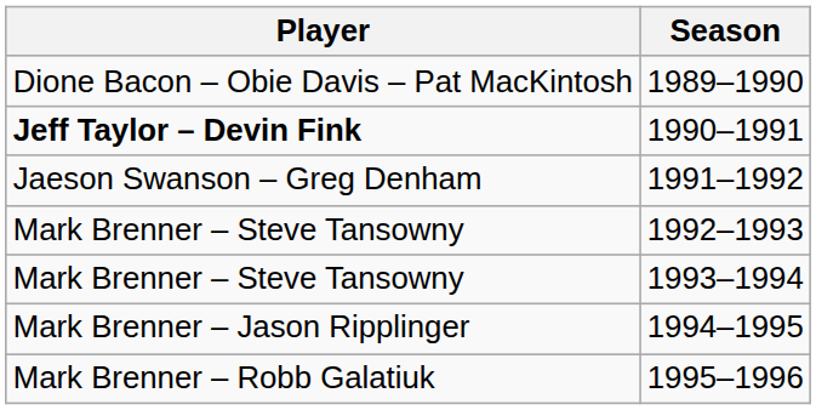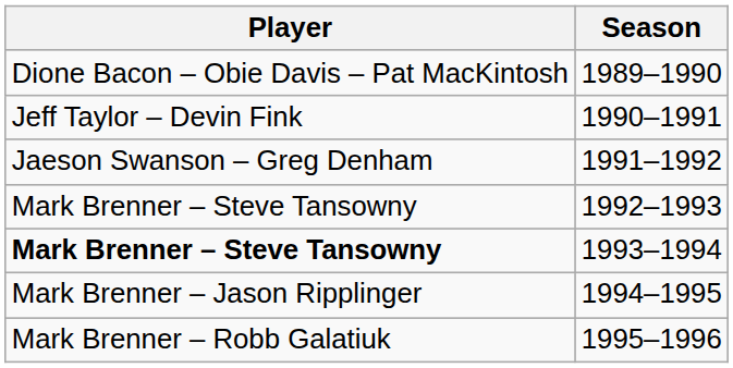 <table class="wikitable" style="float:left; margin-right:1em;">
 <tr>
 <th>Player</th>
 <th>Season</th>
 </tr>
 <tr align="left">
 <td>Dione Bacon – Obie Davis – Pat MacKintosh</td>
 <td>1989–1990</td>
 </tr>
 <tr align="left">
-<td><strong>Jeff Taylor – Devin Fink</strong></td>
+<td>Jeff Taylor – Devin Fink</td>
 <td>1990–1991</td>
 </tr>
 <tr align="left">
 <td>Jaeson Swanson – Greg Denham</td>
 <td>1991–1992</td>
 </tr>
 <tr align="left">
 <td>Mark Brenner – Steve Tansowny</td>
 <td>1992–1993</td>
 </tr>
 <tr align="left">
-<td>Mark Brenner – Steve Tansowny</td>
+<td><strong>Mark Brenner – Steve Tansowny</strong></td>
 <td>1993–1994</td>
 </tr>
 <tr align="left">
 <td>Mark Brenner – Jason Ripplinger</td>
 <td>1994–1995</td>
 </tr>
 <tr align="left">
 <td>Mark Brenner – Robb Galatiuk</td>
 <td>1995–1996</td>
 </tr>
 </table>
